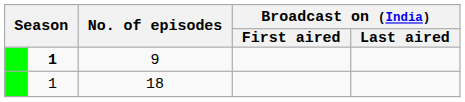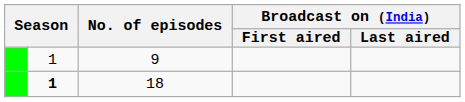 <table class="wikitable" style="text-align:center">
 <tr>
 <th style="padding: 0 8px" colspan="2" rowspan="2">Season</th>
 <th style="padding: 0 8px" rowspan="2">No. of episodes</th>
 <th colspan="2">Broadcast on <small>(<a href='#'>India</a>)</small></th>
 </tr>
 <tr>
 <th style="padding: 0 8px">First aired</th>
 <th style="padding: 0 8px">Last aired</th>
 </tr>
 <tr>
 <td style="background:#00FF00"></td>
-<td align="center"><strong>1</strong></td>
+<td align="center">1</td>
 <td align="center">9</td>
 <td align="center"></td>
 </tr>
 <tr>
 <td style="background:#00FF00"></td>
-<td align="center">1</td>
+<td align="center"><strong>1</strong></td>
 <td align="center">18</td>
 <td align="center"></td>
 <td></td>
 </tr>
 </table>
